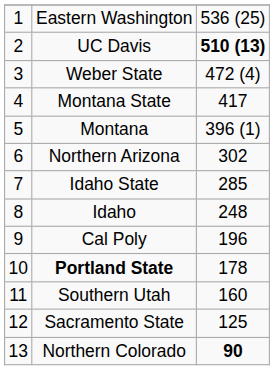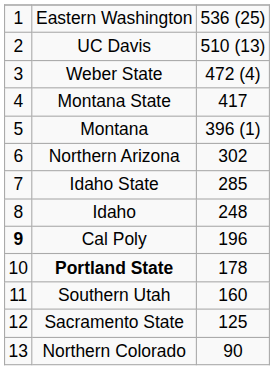 <table class="wikitable" style="display: inline-table;">
 <tr align="center">
 </tr>
 <tr align="center">
 <td>1</td>
 <td>Eastern Washington</td>
 <td>536 (25)</td>
 </tr>
 <tr align="center">
 <td>2</td>
 <td>UC Davis</td>
-<td><strong>510 (13)</strong></td>
+<td>510 (13)</td>
 </tr>
 <tr align="center">
 <td>3</td>
 <td>Weber State</td>
 <td>472 (4)</td>
 </tr>
 <tr align="center">
 <td>4</td>
 <td>Montana State</td>
 <td>417</td>
 </tr>
 <tr align="center">
 <td>5</td>
 <td>Montana</td>
 <td>396 (1)</td>
 </tr>
 <tr align="center">
 <td>6</td>
 <td>Northern Arizona</td>
 <td>302</td>
 </tr>
 <tr align="center">
 <td>7</td>
 <td>Idaho State</td>
 <td>285</td>
 </tr>
 <tr align="center">
 <td>8</td>
 <td>Idaho</td>
 <td>248</td>
 </tr>
 <tr align="center">
-<td>9</td>
+<td><strong>9</strong></td>
 <td>Cal Poly</td>
 <td>196</td>
 </tr>
 <tr align="center">
 <td>10</td>
 <td><strong>Portland State</strong></td>
 <td>178</td>
 </tr>
 <tr align="center">
 <td>11</td>
 <td>Southern Utah</td>
 <td>160</td>
 </tr>
 <tr align="center">
 <td>12</td>
 <td>Sacramento State</td>
 <td>125</td>
 </tr>
 <tr align="center">
 <td>13</td>
 <td>Northern Colorado</td>
-<td><strong>90</strong></td>
+<td>90</td>
 </tr>
 </table>
